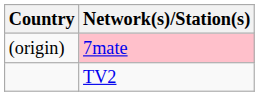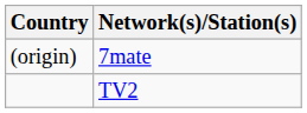 <table class="sortable wikitable">
 <tr>
 <th>Country</th>
 <th>Network(s)/Station(s)</th>
 </tr>
 <tr>
 <td> (origin)</td>
-<td style="background: pink;"><a href='#'>7mate</a></td>
+<td><a href='#'>7mate</a></td>
 </tr>
 <tr>
 <td></td>
 <td><a href='#'>TV2</a></td>
 </tr>
 </table>
